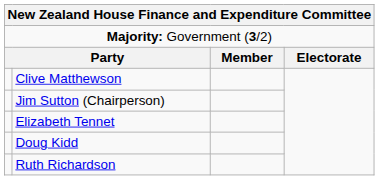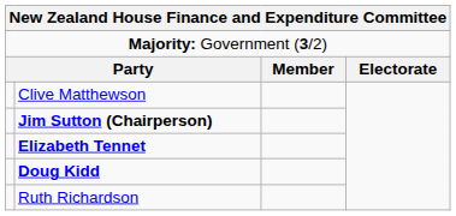 <table class="wikitable">
 <tr>
 <th colspan="4">New Zealand House Finance and Expenditure Committee</th>
 </tr>
 <tr>
 <td colspan="4" style="text-align:center; background:"><strong>Majority:</strong> Government (<strong>3</strong>/2)</td>
 </tr>
 <tr>
 <th colspan="2">Party</th>
 <th>Member</th>
 <th>Electorate</th>
 </tr>
 <tr>
 <td></td>
 <td><a href='#'>Clive Matthewson</a></td>
 <td></td>
 </tr>
 <tr>
 <td></td>
-<td><a href='#'>Jim Sutton</a> (Chairperson)</td>
+<td><strong><a href='#'>Jim Sutton</a> (Chairperson)</strong></td>
 <td></td>
 </tr>
 <tr>
 <td></td>
-<td><a href='#'>Elizabeth Tennet</a></td>
+<td><strong><a href='#'>Elizabeth Tennet</a></strong></td>
 <td></td>
 </tr>
 <tr>
 <td></td>
-<td><a href='#'>Doug Kidd</a></td>
+<td><strong><a href='#'>Doug Kidd</a></strong></td>
 <td></td>
 </tr>
 <tr>
 <td></td>
 <td><a href='#'>Ruth Richardson</a></td>
 <td></td>
 </tr>
 </table>
